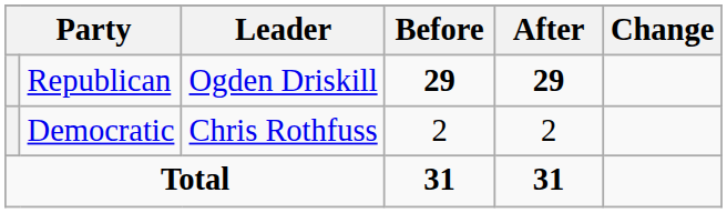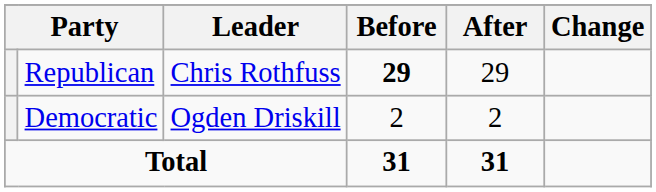 <table class="wikitable" style="text-align:center;">
 <tr>
 </tr>
 <tr>
 <th colspan="2">Party</th>
 <th>Leader</th>
 <th style="width:3em">Before</th>
 <th style="width:3em">After</th>
 <th style="width:3em">Change</th>
 </tr>
 <tr>
 <th style="background-color:"></th>
 <td style="text-align:left;"><a href='#'>Republican</a></td>
-<td style="text-align:left;"><a href='#'>Ogden Driskill</a></td>
+<td style="text-align:left;"><a href='#'>Chris Rothfuss</a></td>
 <td><strong>29</strong></td>
-<td><strong>29</strong></td>
+<td>29</td>
 <td></td>
 </tr>
 <tr>
 <th style="background-color:"></th>
 <td style="text-align:left;"><a href='#'>Democratic</a></td>
-<td style="text-align:left;"><a href='#'>Chris Rothfuss</a></td>
+<td style="text-align:left;"><a href='#'>Ogden Driskill</a></td>
 <td>2</td>
 <td>2</td>
 <td></td>
 </tr>
 <tr>
 <td colspan="3"><strong>Total</strong></td>
 <td><strong>31</strong></td>
 <td><strong>31</strong></td>
 <td></td>
 </tr>
 </table>
